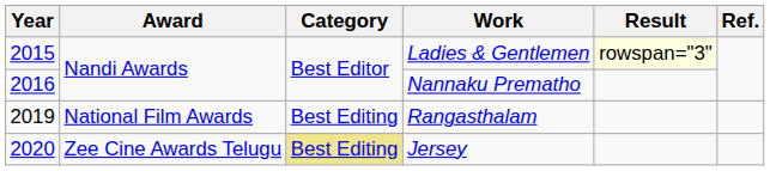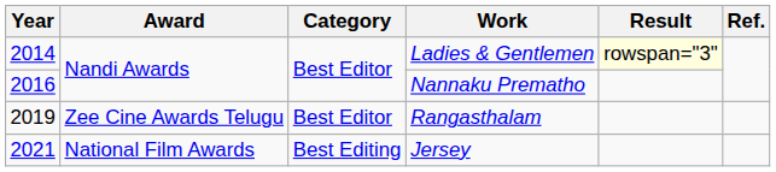 <table class="wikitable sortable">
 <tr>
 <th>Year</th>
 <th>Award</th>
 <th>Category</th>
 <th>Work</th>
 <th>Result</th>
 <th scope="col" class="unsortable">Ref.</th>
 </tr>
 <tr>
-<td><a href='#'>2015</a></td>
+<td><a href='#'>2014</a></td>
 <td rowspan="2"><a href='#'>Nandi Awards</a></td>
 <td rowspan="2"><a href='#'>Best Editor</a></td>
 <td><em><a href='#'>Ladies & Gentlemen</a></em></td>
 <td style="background: lightyellow;">rowspan="3" </td>
 <td rowspan="2"  style="text-align:center;"></td>
 </tr>
 <tr>
 <td><a href='#'>2016</a></td>
 <td><em><a href='#'>Nannaku Prematho</a></em></td>
 </tr>
 <tr>
 <td>2019</td>
-<td><a href='#'>National Film Awards</a></td>
-<td><a href='#'>Best Editing</a></td>
+<td><a href='#'>Zee Cine Awards Telugu</a></td>
+<td><a href='#'>Best Editor</a></td>
 <td><em><a href='#'>Rangasthalam</a></em></td>
 <td style="text-align:center;"></td>
 </tr>
 <tr>
-<td><a href='#'>2020</a></td>
-<td><a href='#'>Zee Cine Awards Telugu</a></td>
-<td style="background: khaki;"><a href='#'>Best Editing</a></td>
+<td><a href='#'>2021</a></td>
+<td><a href='#'>National Film Awards</a></td>
+<td><a href='#'>Best Editing</a></td>
 <td><em><a href='#'>Jersey</a></em></td>
 <td></td>
 <td style="text-align:center;"></td>
 </tr>
 </table>
